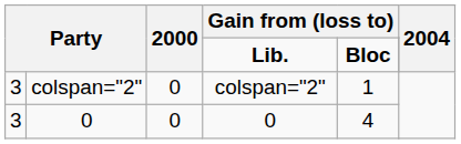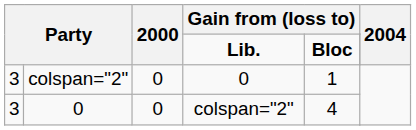 <table class="wikitable"  style="text-align:center;">
 <tr>
 <th rowspan="2" colspan="2">Party</th>
 <th rowspan="2">2000</th>
 <th colspan="4">Gain from (loss to)</th>
 <th rowspan="2">2004</th>
 </tr>
 <tr>
 <td><strong>Lib.</strong></td>
 <td><strong>Bloc</strong></td>
 </tr>
 <tr>
 <td>3</td>
 <td>colspan="2" </td>
 <td>0</td>
-<td>colspan="2" </td>
+<td>0</td>
 <td>1</td>
 </tr>
 <tr>
 <td>3</td>
 <td>0</td>
 <td>0</td>
-<td>0</td>
+<td>colspan="2" </td>
 <td>4</td>
 </tr>
 </table>
